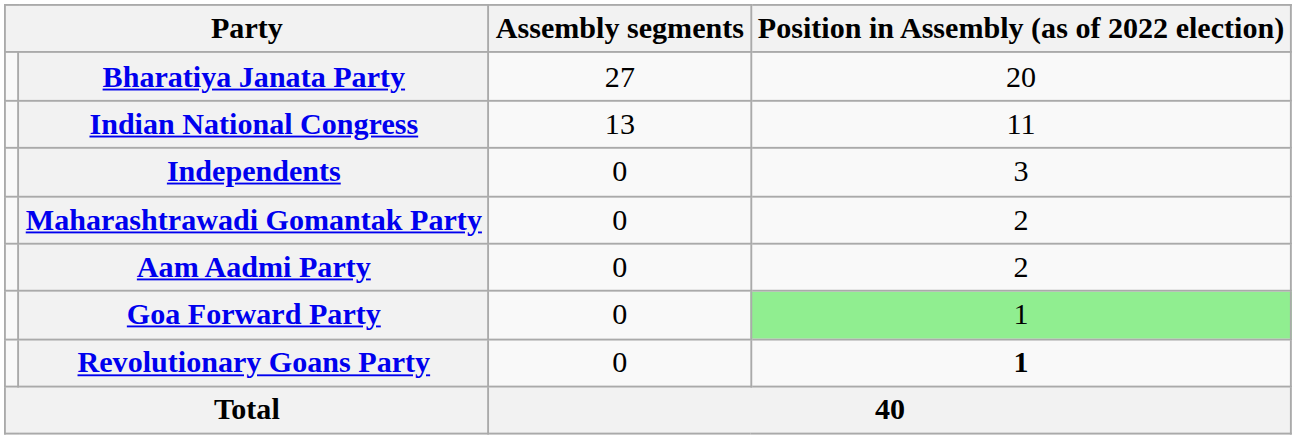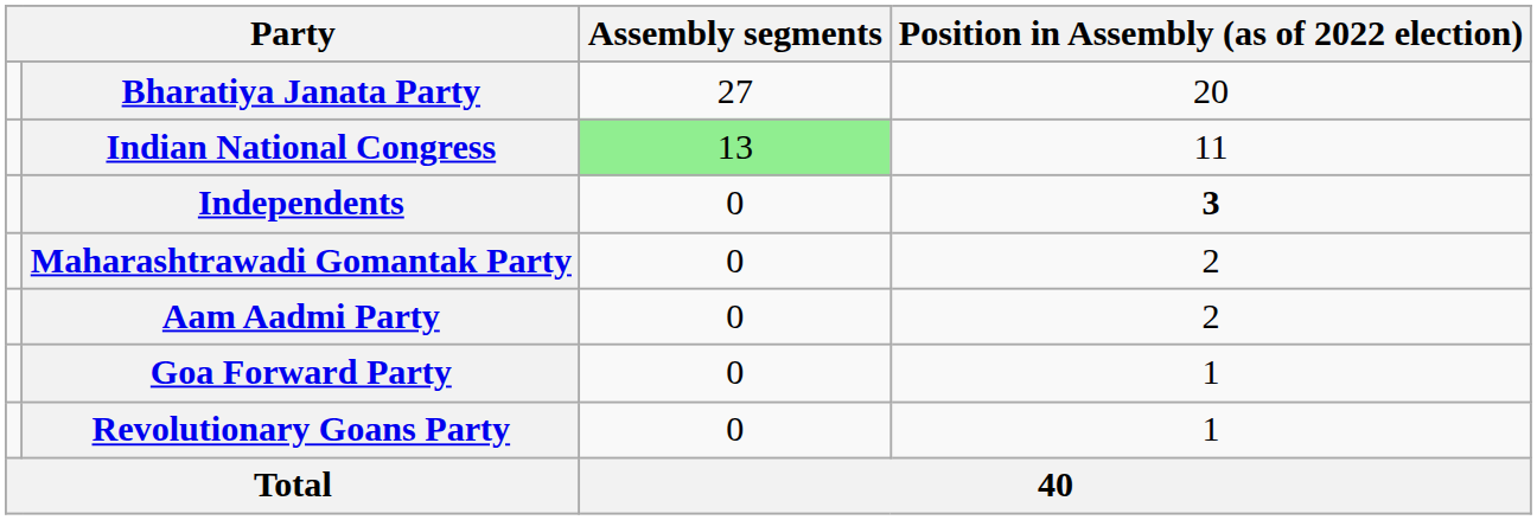 <table class="wikitable" style="text-align:center">
 <tr>
 <th colspan=2>Party</th>
 <th>Assembly segments</th>
 <th>Position in Assembly (as of 2022 election)</th>
 </tr>
 <tr>
 <td></td>
 <th><a href='#'>Bharatiya Janata Party</a></th>
 <td>27</td>
 <td>20</td>
 </tr>
 <tr>
 <td></td>
 <th><a href='#'>Indian National Congress</a></th>
-<td>13</td>
+<td style="background: lightgreen;">13</td>
 <td>11</td>
 </tr>
 <tr>
 <td></td>
 <th><a href='#'>Independents</a></th>
 <td>0</td>
-<td>3</td>
+<td><strong>3</strong></td>
 </tr>
 <tr>
 <td></td>
 <th><a href='#'>Maharashtrawadi Gomantak Party</a></th>
 <td>0</td>
 <td>2</td>
 </tr>
 <tr>
 <td></td>
 <th><a href='#'>Aam Aadmi Party</a></th>
 <td>0</td>
 <td>2</td>
 </tr>
 <tr>
 <td></td>
 <th><a href='#'>Goa Forward Party</a></th>
 <td>0</td>
-<td style="background: lightgreen;">1</td>
+<td>1</td>
 </tr>
 <tr>
 <td></td>
 <th><a href='#'>Revolutionary Goans Party</a></th>
 <td>0</td>
-<td><strong>1</strong></td>
+<td>1</td>
 </tr>
 <tr>
 <th colspan=2>Total</th>
 <th colspan=2>40</th>
 </tr>
 </table>
